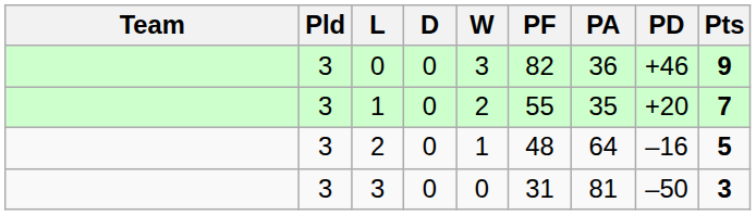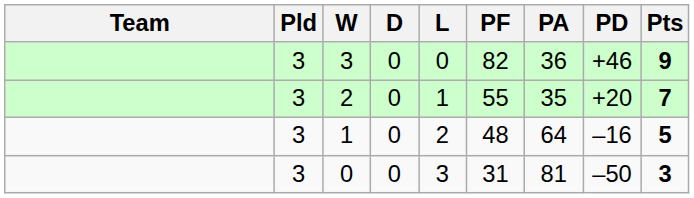 <table class="wikitable" style="text-align:center;">
 <tr>
 <th width=175>Team</th>
 <th width=25 abbr="Played">Pld</th>
+<th width=25 abbr="Won">W</th>
+<th width=25 abbr="Drawn">D</th>
 <th width=25 abbr="Lost">L</th>
-<th width=25 abbr="Drawn">D</th>
-<th width=25 abbr="Won">W</th>
 <th width=32 abbr="Points for">PF</th>
 <th width=32 abbr="Points against">PA</th>
 <th width=32 abbr="Points difference">PD</th>
 <th width=25 abbr="Points">Pts</th>
 </tr>
 <tr bgcolor=ccffcc>
 <td align=left></td>
 <td>3</td>
+<td>3</td>
 <td>0</td>
 <td>0</td>
-<td>3</td>
 <td>82</td>
 <td>36</td>
 <td>+46</td>
 <td><strong>9</strong></td>
 </tr>
 <tr bgcolor=ccffcc>
 <td align=left></td>
 <td>3</td>
+<td>2</td>
+<td>0</td>
 <td>1</td>
-<td>0</td>
-<td>2</td>
 <td>55</td>
 <td>35</td>
 <td>+20</td>
 <td><strong>7</strong></td>
 </tr>
 <tr>
 <td align=left></td>
 <td>3</td>
+<td>1</td>
+<td>0</td>
 <td>2</td>
-<td>0</td>
-<td>1</td>
 <td>48</td>
 <td>64</td>
 <td>–16</td>
 <td><strong>5</strong></td>
 </tr>
 <tr>
 <td align=left></td>
 <td>3</td>
-<td>3</td>
 <td>0</td>
 <td>0</td>
+<td>3</td>
 <td>31</td>
 <td>81</td>
 <td>–50</td>
 <td><strong>3</strong></td>
 </tr>
 </table>
